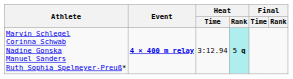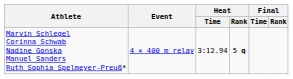 <table class=wikitable style="font-size:90%; text-align:center">
 <tr>
 <th rowspan=2>Athlete</th>
 <th rowspan=2>Event</th>
 <th colspan=2>Heat</th>
 <th colspan=2>Final</th>
 </tr>
 <tr style=font-size:95%>
 <th>Time</th>
 <th>Rank</th>
 <th>Time</th>
 <th>Rank</th>
 </tr>
 <tr>
 <td align=left><a href='#'>Marvin Schlegel</a><br><a href='#'>Corinna Schwab</a><br><a href='#'>Nadine Gonska</a><br><a href='#'>Manuel Sanders</a><br><a href='#'>Ruth Sophia Spelmeyer-Preuß</a>*</td>
-<td align=left><strong><a href='#'>4 × 400 m relay</a></strong></td>
+<td align=left><a href='#'>4 × 400 m relay</a></td>
 <td>3:12.94 <strong></strong></td>
-<td style="background: paleturquoise;">5 <strong>q</strong></td>
+<td>5 <strong>q</strong></td>
 <td colspan=2></td>
 </tr>
 </table>
